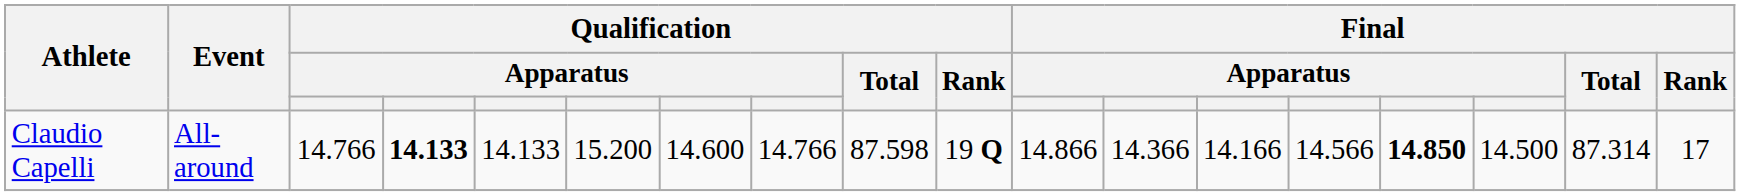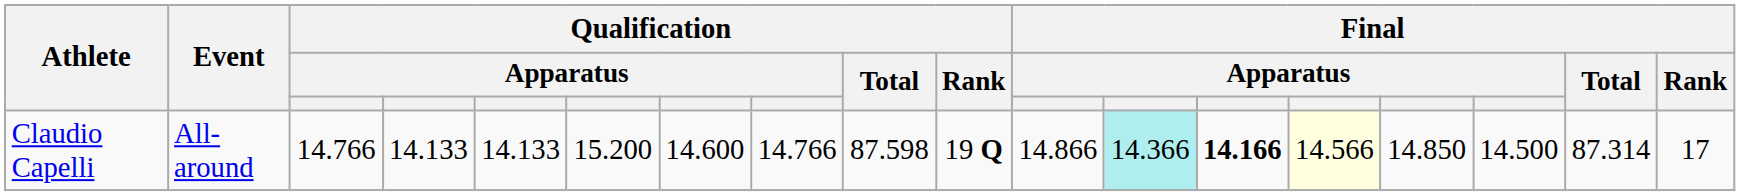 <table class="wikitable" style="font-size:90%">
 <tr>
 <th rowspan=3>Athlete</th>
 <th rowspan=3>Event</th>
 <th colspan =8>Qualification</th>
 <th colspan =8>Final</th>
 </tr>
 <tr style="font-size:95%">
 <th colspan=6>Apparatus</th>
 <th rowspan=2>Total</th>
 <th rowspan=2>Rank</th>
 <th colspan=6>Apparatus</th>
 <th rowspan=2>Total</th>
 <th rowspan=2>Rank</th>
 </tr>
 <tr style="font-size:95%">
 <th></th>
 <th></th>
 <th></th>
 <th></th>
 <th></th>
 <th></th>
 <th></th>
 <th></th>
 <th></th>
 <th></th>
 <th></th>
 <th></th>
 </tr>
 <tr align=center>
 <td align=left><a href='#'>Claudio Capelli</a></td>
 <td align=left><a href='#'>All-around</a></td>
 <td>14.766</td>
-<td><strong>14.133</strong></td>
+<td>14.133</td>
 <td>14.133</td>
 <td>15.200</td>
 <td>14.600</td>
 <td>14.766</td>
 <td>87.598</td>
 <td>19 <strong>Q</strong></td>
 <td>14.866</td>
-<td>14.366</td>
-<td>14.166</td>
-<td>14.566</td>
-<td><strong>14.850</strong></td>
+<td style="background: paleturquoise;">14.366</td>
+<td><strong>14.166</strong></td>
+<td style="background: lightyellow;">14.566</td>
+<td>14.850</td>
 <td>14.500</td>
 <td>87.314</td>
 <td>17</td>
 </tr>
 </table>
